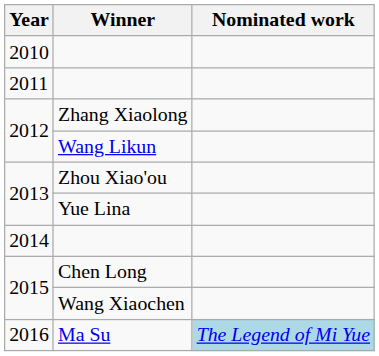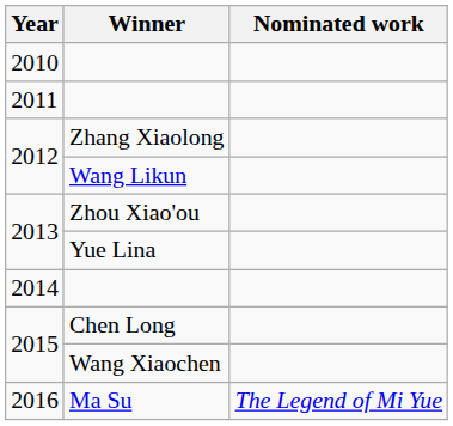 <table class="wikitable">
 <tr>
 <th>Year</th>
 <th>Winner</th>
 <th>Nominated work</th>
 </tr>
 <tr>
 <td>2010</td>
 <td></td>
 <td></td>
 </tr>
 <tr>
 <td>2011</td>
 <td></td>
 <td></td>
 </tr>
 <tr>
 <td rowspan=2>2012</td>
 <td>Zhang Xiaolong</td>
 <td></td>
 </tr>
 <tr>
 <td><a href='#'>Wang Likun</a></td>
 <td></td>
 </tr>
 <tr>
 <td rowspan=2>2013</td>
 <td>Zhou Xiao'ou</td>
 <td></td>
 </tr>
 <tr>
 <td>Yue Lina</td>
 <td></td>
 </tr>
 <tr>
 <td>2014</td>
 <td></td>
 <td></td>
 </tr>
 <tr>
 <td rowspan=2>2015</td>
 <td>Chen Long</td>
 <td></td>
 </tr>
 <tr>
 <td>Wang Xiaochen</td>
 <td></td>
 </tr>
 <tr>
 <td>2016</td>
 <td><a href='#'>Ma Su</a></td>
-<td style="background: lightblue;"><em><a href='#'>The Legend of Mi Yue</a></em></td>
+<td><em><a href='#'>The Legend of Mi Yue</a></em></td>
 </tr>
 </table>
